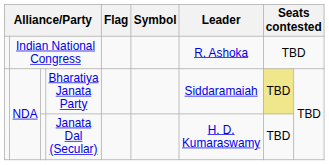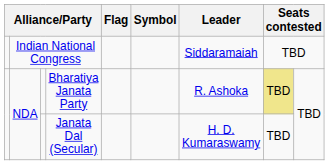 <table class="wikitable sortable" width="50%" style="text-align:center;">
 <tr>
 <th colspan=4>Alliance/Party</th>
 <th>Flag</th>
 <th>Symbol</th>
 <th>Leader</th>
 <th colspan=4>Seats contested</th>
 </tr>
 <tr>
 <td style="text-align:center; background:"></td>
 <td colspan=3><a href='#'>Indian National Congress</a></td>
 <td></td>
 <td></td>
-<td><a href='#'>R. Ashoka</a></td>
+<td><a href='#'>Siddaramaiah</a></td>
 <td colspan=3>TBD</td>
 </tr>
 <tr>
 <td rowspan=2 style="text-align:center; background:"></td>
 <td rowspan=2><a href='#'>NDA</a></td>
 <td style="text-align:center; background:"></td>
 <td><a href='#'>Bharatiya Janata Party</a></td>
 <td></td>
 <td></td>
-<td><a href='#'>Siddaramaiah</a></td>
+<td><a href='#'>R. Ashoka</a></td>
 <td style="background: khaki;">TBD</td>
 <td rowspan=2>TBD</td>
 </tr>
 <tr>
 <td style="text-align:center; background:"></td>
 <td><a href='#'>Janata Dal (Secular)</a></td>
 <td></td>
 <td></td>
 <td><a href='#'>H. D. Kumaraswamy</a></td>
 <td>TBD</td>
 </tr>
 </table>
